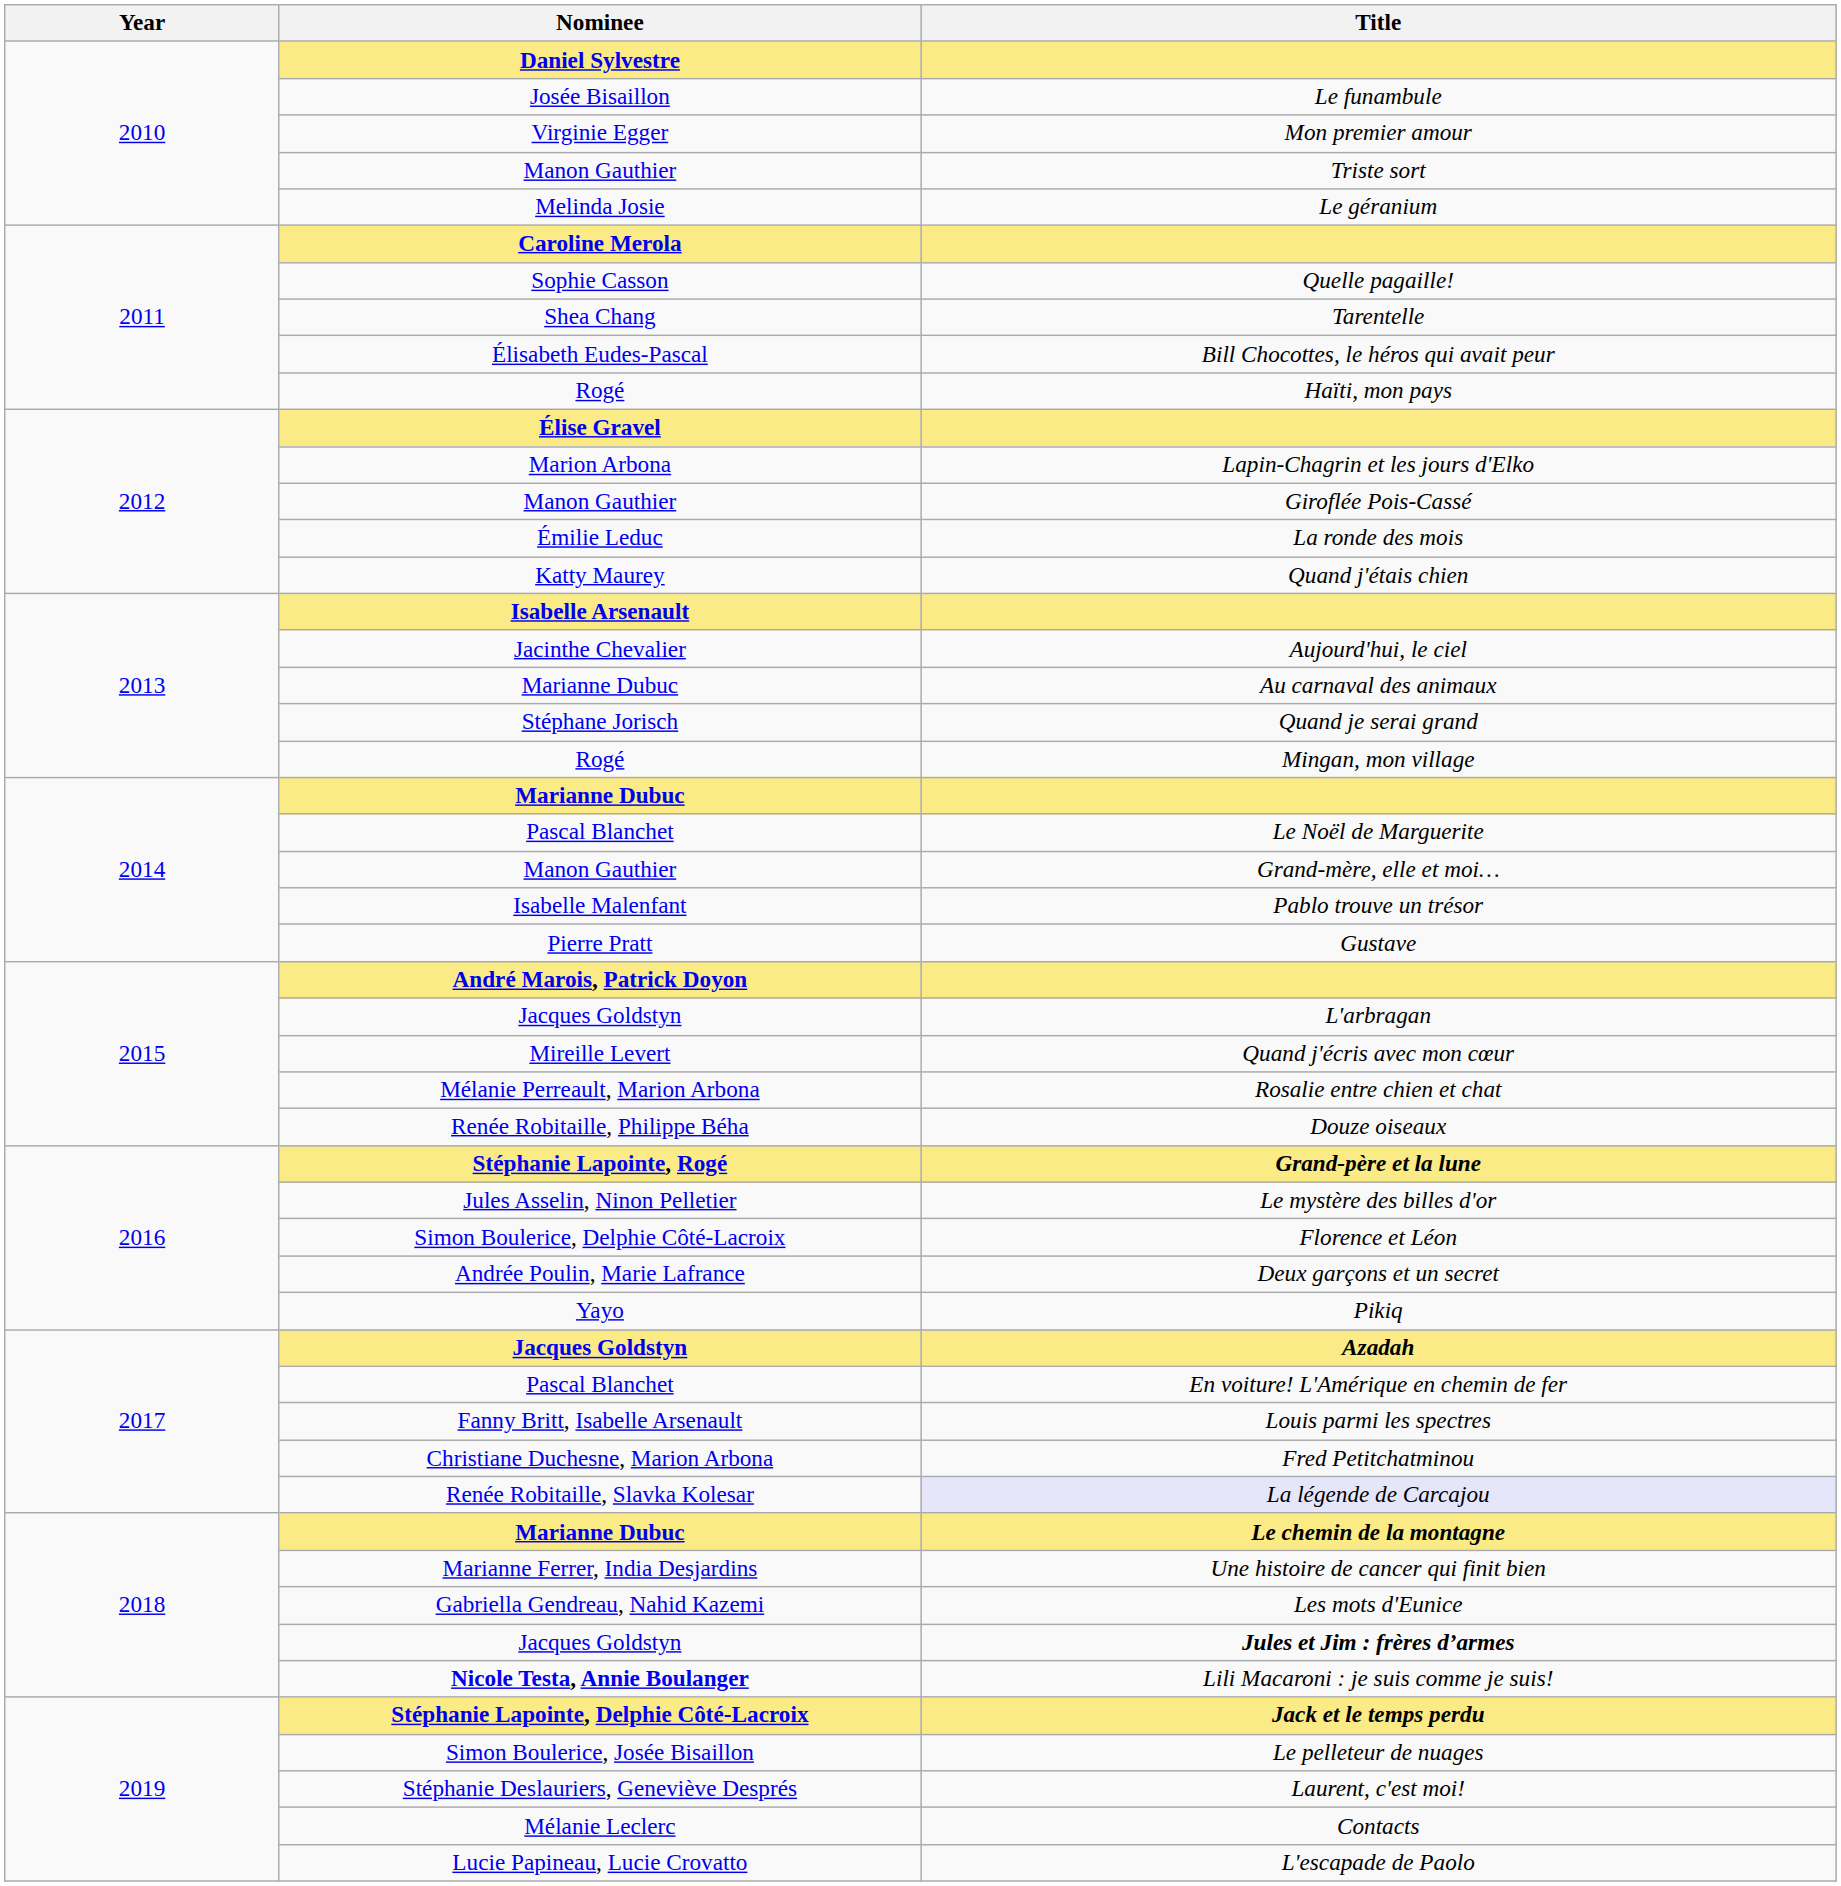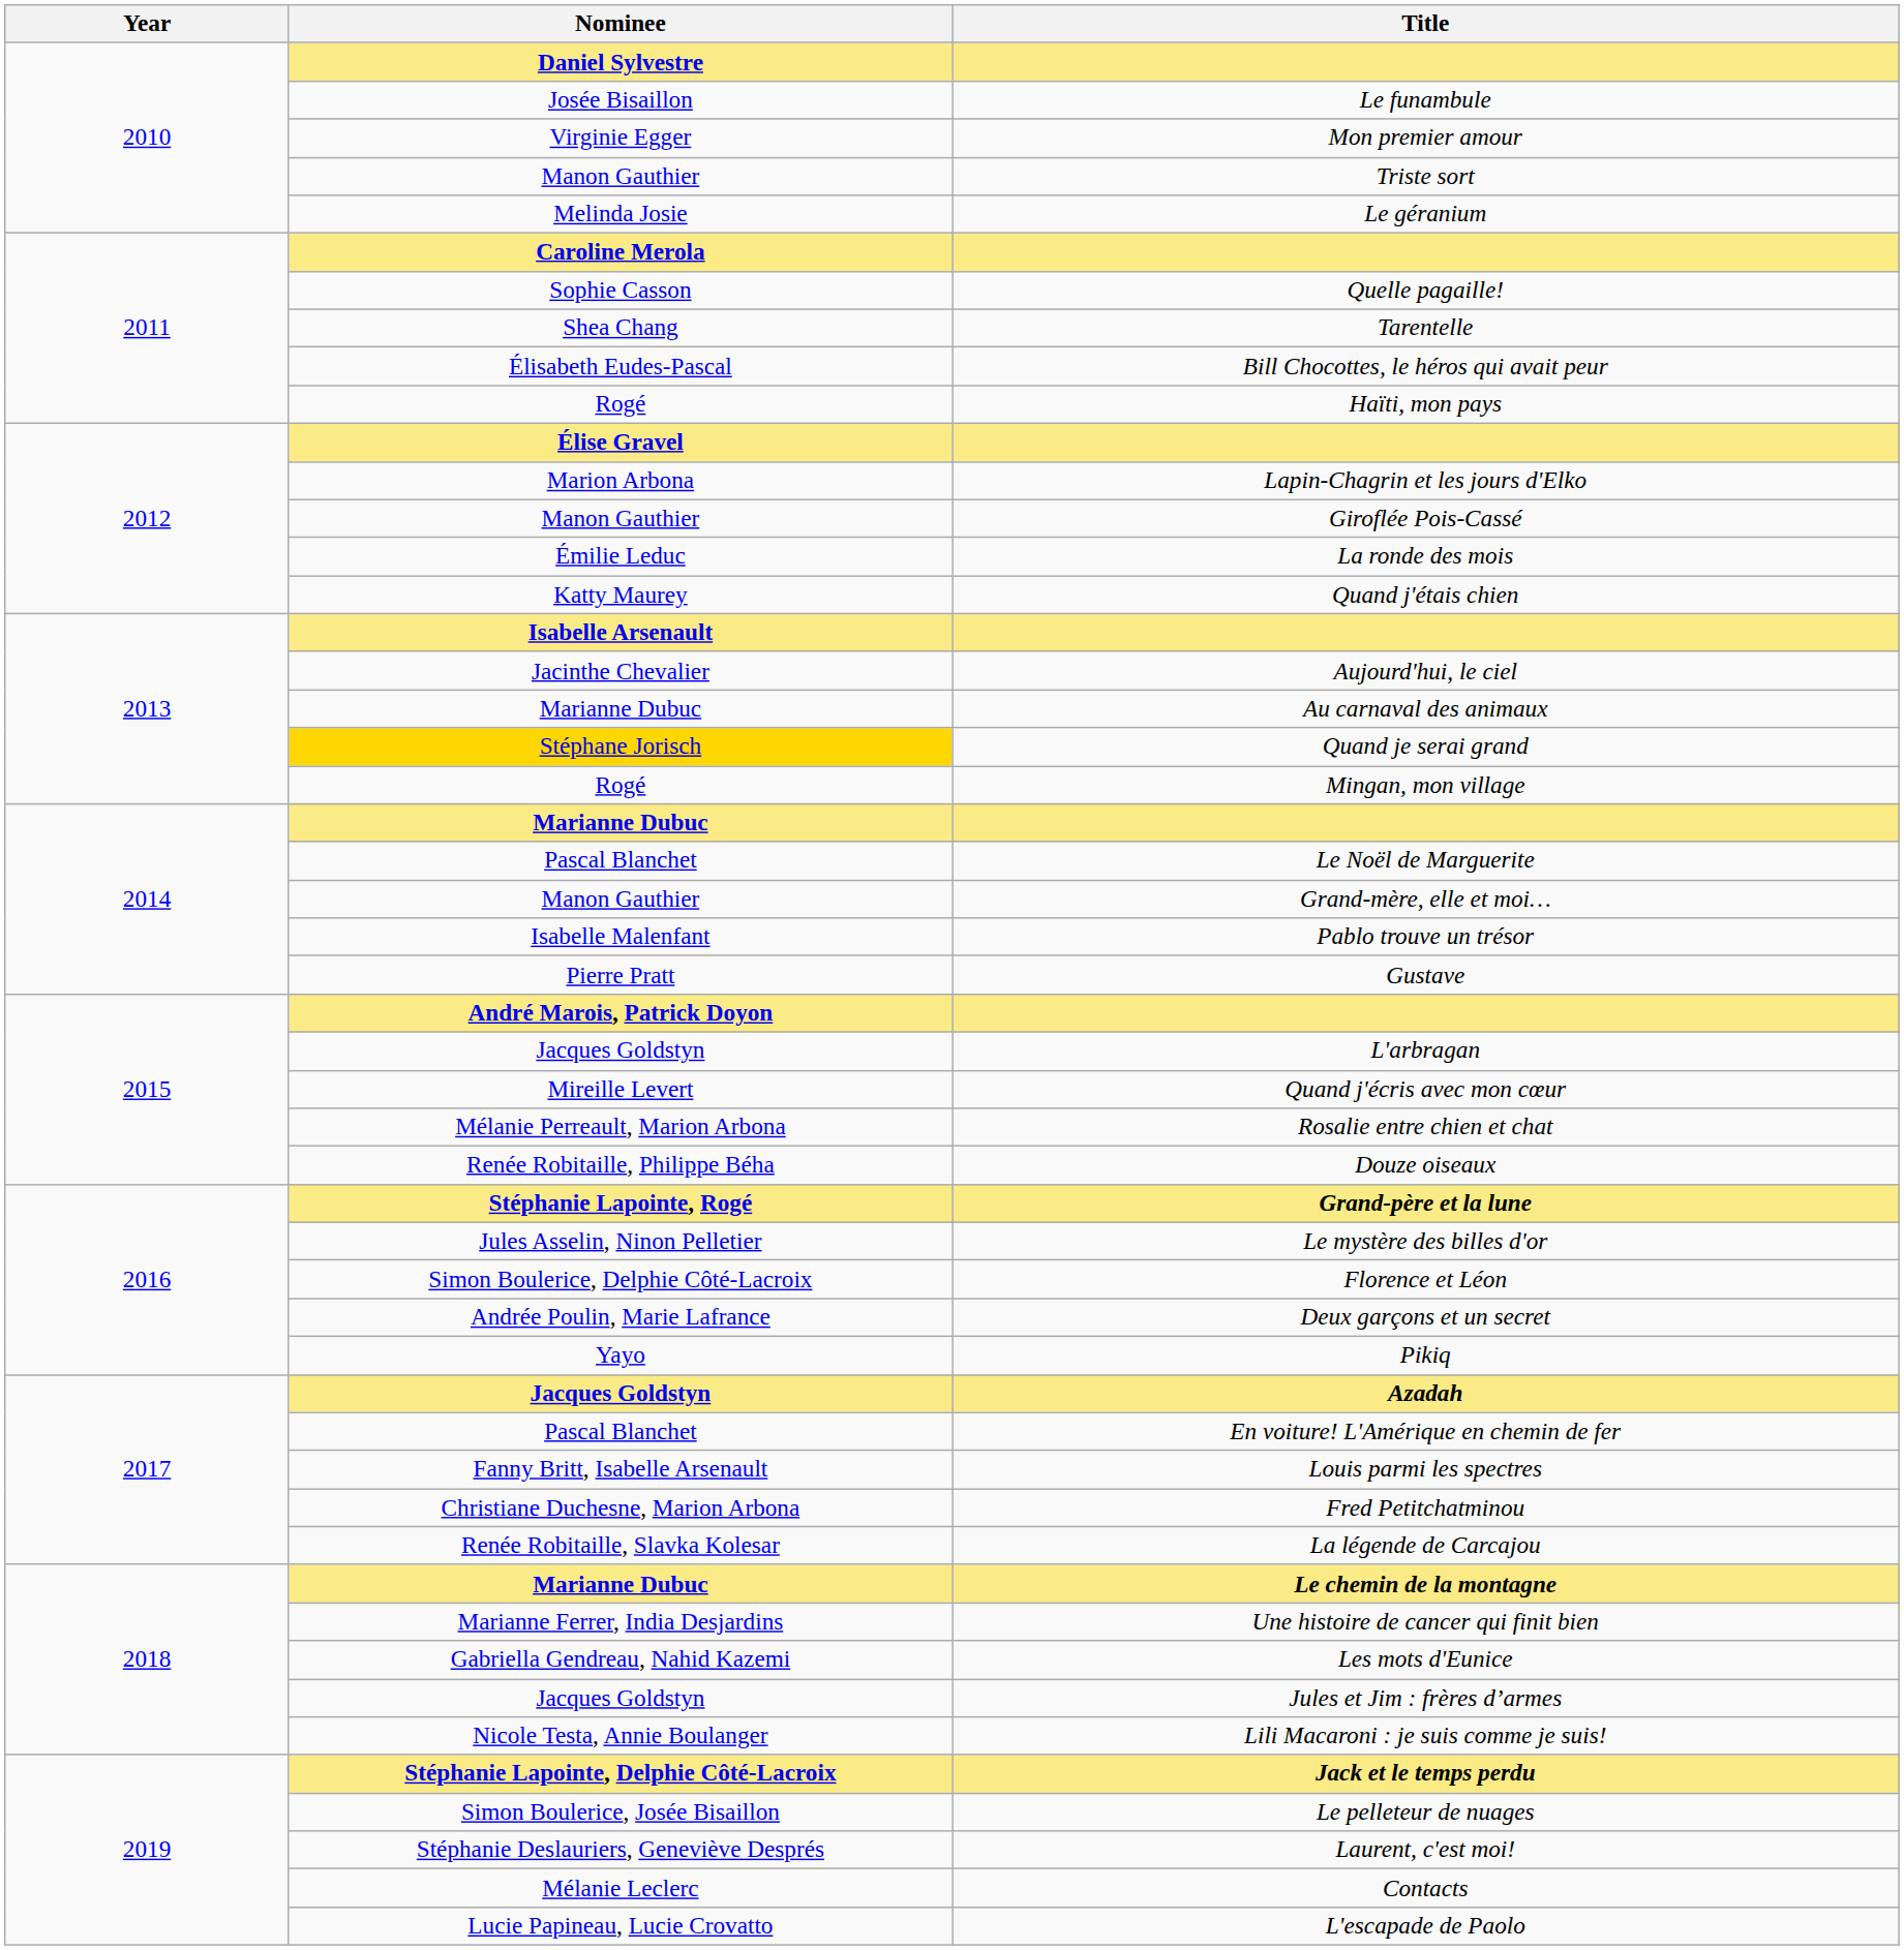 <table class="wikitable" width="100%">
 <tr>
 <th>Year</th>
 <th width="35%">Nominee</th>
 <th width="50%">Title</th>
 </tr>
 <tr>
 <td align="center" rowspan="5"><a href='#'>2010</a></td>
 <td align="center" style="background:#FAEB86"><strong><a href='#'>Daniel Sylvestre</a></strong></td>
 <td align="center" style="background:#FAEB86"><strong><em></em></strong></td>
 </tr>
 <tr>
 <td align="center"><a href='#'>Josée Bisaillon</a></td>
 <td align="center"><em>Le funambule</em></td>
 </tr>
 <tr>
 <td align="center"><a href='#'>Virginie Egger</a></td>
 <td align="center"><em>Mon premier amour</em></td>
 </tr>
 <tr>
 <td align="center"><a href='#'>Manon Gauthier</a></td>
 <td align="center"><em>Triste sort</em></td>
 </tr>
 <tr>
 <td align="center"><a href='#'>Melinda Josie</a></td>
 <td align="center"><em>Le géranium</em></td>
 </tr>
 <tr>
 <td align="center" rowspan="5"><a href='#'>2011</a></td>
 <td align="center" style="background:#FAEB86"><strong><a href='#'>Caroline Merola</a></strong></td>
 <td align="center" style="background:#FAEB86"><strong><em></em></strong></td>
 </tr>
 <tr>
 <td align="center"><a href='#'>Sophie Casson</a></td>
 <td align="center"><em>Quelle pagaille!</em></td>
 </tr>
 <tr>
 <td align="center"><a href='#'>Shea Chang</a></td>
 <td align="center"><em>Tarentelle</em></td>
 </tr>
 <tr>
 <td align="center"><a href='#'>Élisabeth Eudes-Pascal</a></td>
 <td align="center"><em>Bill Chocottes, le héros qui avait peur</em></td>
 </tr>
 <tr>
 <td align="center"><a href='#'>Rogé</a></td>
 <td align="center"><em>Haïti, mon pays</em></td>
 </tr>
 <tr>
 <td align="center" rowspan="5"><a href='#'>2012</a></td>
 <td align="center" style="background:#FAEB86"><strong><a href='#'>Élise Gravel</a></strong></td>
 <td align="center" style="background:#FAEB86"><strong><em></em></strong></td>
 </tr>
 <tr>
 <td align="center"><a href='#'>Marion Arbona</a></td>
 <td align="center"><em>Lapin-Chagrin et les jours d'Elko</em></td>
 </tr>
 <tr>
 <td align="center"><a href='#'>Manon Gauthier</a></td>
 <td align="center"><em>Giroflée Pois-Cassé</em></td>
 </tr>
 <tr>
 <td align="center"><a href='#'>Émilie Leduc</a></td>
 <td align="center"><em>La ronde des mois</em></td>
 </tr>
 <tr>
 <td align="center"><a href='#'>Katty Maurey</a></td>
 <td align="center"><em>Quand j'étais chien</em></td>
 </tr>
 <tr>
 <td align="center" rowspan="5"><a href='#'>2013</a></td>
 <td align="center" style="background:#FAEB86"><strong><a href='#'>Isabelle Arsenault</a></strong></td>
 <td align="center" style="background:#FAEB86"><strong><em></em></strong></td>
 </tr>
 <tr>
 <td align="center"><a href='#'>Jacinthe Chevalier</a></td>
 <td align="center"><em>Aujourd'hui, le ciel</em></td>
 </tr>
 <tr>
 <td align="center"><a href='#'>Marianne Dubuc</a></td>
 <td align="center"><em>Au carnaval des animaux</em></td>
 </tr>
 <tr>
-<td align="center"><a href='#'>Stéphane Jorisch</a></td>
+<td align="center" style="background: gold;"><a href='#'>Stéphane Jorisch</a></td>
 <td align="center"><em>Quand je serai grand</em></td>
 </tr>
 <tr>
 <td align="center"><a href='#'>Rogé</a></td>
 <td align="center"><em>Mingan, mon village</em></td>
 </tr>
 <tr>
 <td align="center" rowspan="5"><a href='#'>2014</a></td>
 <td align="center" style="background:#FAEB86"><strong><a href='#'>Marianne Dubuc</a></strong></td>
 <td align="center" style="background:#FAEB86"><strong><em></em></strong></td>
 </tr>
 <tr>
 <td align="center"><a href='#'>Pascal Blanchet</a></td>
 <td align="center"><em>Le Noël de Marguerite</em></td>
 </tr>
 <tr>
 <td align="center"><a href='#'>Manon Gauthier</a></td>
 <td align="center"><em>Grand-mère, elle et moi…</em></td>
 </tr>
 <tr>
 <td align="center"><a href='#'>Isabelle Malenfant</a></td>
 <td align="center"><em>Pablo trouve un trésor</em></td>
 </tr>
 <tr>
 <td align="center"><a href='#'>Pierre Pratt</a></td>
 <td align="center"><em>Gustave</em></td>
 </tr>
 <tr>
 <td align="center" rowspan="5"><a href='#'>2015</a></td>
 <td align="center" style="background:#FAEB86"><strong><a href='#'>André Marois</a>, <a href='#'>Patrick Doyon</a></strong></td>
 <td align="center" style="background:#FAEB86"><strong><em></em></strong></td>
 </tr>
 <tr>
 <td align="center"><a href='#'>Jacques Goldstyn</a></td>
 <td align="center"><em>L'arbragan</em></td>
 </tr>
 <tr>
 <td align="center"><a href='#'>Mireille Levert</a></td>
 <td align="center"><em>Quand j'écris avec mon cœur</em></td>
 </tr>
 <tr>
 <td align="center"><a href='#'>Mélanie Perreault</a>, <a href='#'>Marion Arbona</a></td>
 <td align="center"><em>Rosalie entre chien et chat</em></td>
 </tr>
 <tr>
 <td align="center"><a href='#'>Renée Robitaille</a>, <a href='#'>Philippe Béha</a></td>
 <td align="center"><em>Douze oiseaux</em></td>
 </tr>
 <tr>
 <td align="center" rowspan="5"><a href='#'>2016</a></td>
 <td align="center" style="background:#FAEB86"><strong><a href='#'>Stéphanie Lapointe</a>, <a href='#'>Rogé</a></strong></td>
 <td align="center" style="background:#FAEB86"><strong><em>Grand-père et la lune</em></strong></td>
 </tr>
 <tr>
 <td align="center"><a href='#'>Jules Asselin</a>, <a href='#'>Ninon Pelletier</a></td>
 <td align="center"><em>Le mystère des billes d'or</em></td>
 </tr>
 <tr>
 <td align="center"><a href='#'>Simon Boulerice</a>, <a href='#'>Delphie Côté-Lacroix</a></td>
 <td align="center"><em>Florence et Léon</em></td>
 </tr>
 <tr>
 <td align="center"><a href='#'>Andrée Poulin</a>, <a href='#'>Marie Lafrance</a></td>
 <td align="center"><em>Deux garçons et un secret</em></td>
 </tr>
 <tr>
 <td align="center"><a href='#'>Yayo</a></td>
 <td align="center"><em>Pikiq</em></td>
 </tr>
 <tr>
 <td align="center" rowspan="5"><a href='#'>2017</a></td>
 <td align="center" style="background:#FAEB86"><strong><a href='#'>Jacques Goldstyn</a></strong></td>
 <td align="center" style="background:#FAEB86"><strong><em>Azadah</em></strong></td>
 </tr>
 <tr>
 <td align="center"><a href='#'>Pascal Blanchet</a></td>
 <td align="center"><em>En voiture! L'Amérique en chemin de fer</em></td>
 </tr>
 <tr>
 <td align="center"><a href='#'>Fanny Britt</a>, <a href='#'>Isabelle Arsenault</a></td>
 <td align="center"><em>Louis parmi les spectres</em></td>
 </tr>
 <tr>
 <td align="center"><a href='#'>Christiane Duchesne</a>, <a href='#'>Marion Arbona</a></td>
 <td align="center"><em>Fred Petitchatminou</em></td>
 </tr>
 <tr>
 <td align="center"><a href='#'>Renée Robitaille</a>, <a href='#'>Slavka Kolesar</a></td>
-<td align="center" style="background: lavender;"><em>La légende de Carcajou</em></td>
+<td align="center"><em>La légende de Carcajou</em></td>
 </tr>
 <tr>
 <td align="center" rowspan="5"><a href='#'>2018</a></td>
 <td align="center"  style="background:#FAEB86"><strong><a href='#'>Marianne Dubuc</a></strong></td>
 <td align="center"  style="background:#FAEB86"><strong><em>Le chemin de la montagne</em></strong></td>
 </tr>
 <tr>
 <td align="center"><a href='#'>Marianne Ferrer</a>, <a href='#'>India Desjardins</a></td>
 <td align="center"><em>Une histoire de cancer qui finit bien</em></td>
 </tr>
 <tr>
 <td align="center"><a href='#'>Gabriella Gendreau</a>, <a href='#'>Nahid Kazemi</a></td>
 <td align="center"><em>Les mots d'Eunice</em></td>
 </tr>
 <tr>
 <td align="center"><a href='#'>Jacques Goldstyn</a></td>
-<td align="center"><strong><em>Jules et Jim : frères d’armes</em></strong></td>
+<td align="center"><em>Jules et Jim : frères d’armes</em></td>
 </tr>
 <tr>
-<td align="center"><strong><a href='#'>Nicole Testa</a>, <a href='#'>Annie Boulanger</a></strong></td>
+<td align="center"><a href='#'>Nicole Testa</a>, <a href='#'>Annie Boulanger</a></td>
 <td align="center"><em>Lili Macaroni : je suis comme je suis!</em></td>
 </tr>
 <tr>
 <td align="center" rowspan="5"><a href='#'>2019</a></td>
 <td align="center"  style="background:#FAEB86"><strong><a href='#'>Stéphanie Lapointe</a>, <a href='#'>Delphie Côté-Lacroix</a></strong></td>
 <td align="center"  style="background:#FAEB86"><strong><em>Jack et le temps perdu</em></strong></td>
 </tr>
 <tr>
 <td align="center"><a href='#'>Simon Boulerice</a>, <a href='#'>Josée Bisaillon</a></td>
 <td align="center"><em>Le pelleteur de nuages</em></td>
 </tr>
 <tr>
 <td align="center"><a href='#'>Stéphanie Deslauriers</a>, <a href='#'>Geneviève Després</a></td>
 <td align="center"><em>Laurent, c'est moi!</em></td>
 </tr>
 <tr>
 <td align="center"><a href='#'>Mélanie Leclerc</a></td>
 <td align="center"><em>Contacts</em></td>
 </tr>
 <tr>
 <td align="center"><a href='#'>Lucie Papineau</a>, <a href='#'>Lucie Crovatto</a></td>
 <td align="center"><em>L'escapade de Paolo</em></td>
 </tr>
 </table>
